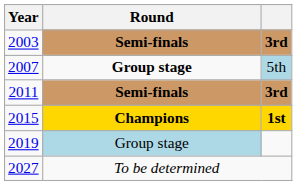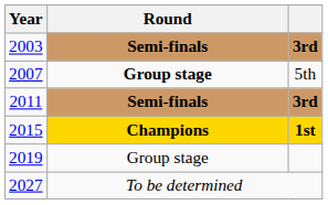 <table class="wikitable" style="text-align: center; font-size:90%">
 <tr>
 <th>Year</th>
 <th style="width:200px">Round</th>
 <th></th>
 </tr>
 <tr>
 <td><a href='#'>2003</a></td>
 <td bgcolor="cc9966"><strong>Semi-finals</strong></td>
 <td bgcolor="cc9966"><strong>3rd</strong></td>
 </tr>
 <tr>
 <td><a href='#'>2007</a></td>
 <td><strong>Group stage</strong></td>
-<td style="background: lightblue;">5th</td>
+<td>5th</td>
 </tr>
 <tr>
 <td><a href='#'>2011</a></td>
 <td bgcolor="cc9966"><strong>Semi-finals</strong></td>
 <td bgcolor="cc9966"><strong>3rd</strong></td>
 </tr>
 <tr>
 <td><a href='#'>2015</a></td>
 <td bgcolor=Gold><strong>Champions</strong></td>
 <td bgcolor=Gold><strong>1st</strong></td>
 </tr>
 <tr>
 <td><a href='#'>2019</a></td>
-<td style="background: lightblue;">Group stage</td>
+<td>Group stage</td>
 <td></td>
 </tr>
 <tr>
 <td><a href='#'>2027</a></td>
 <td colspan="2"><em>To be determined</em></td>
 </tr>
 </table>
